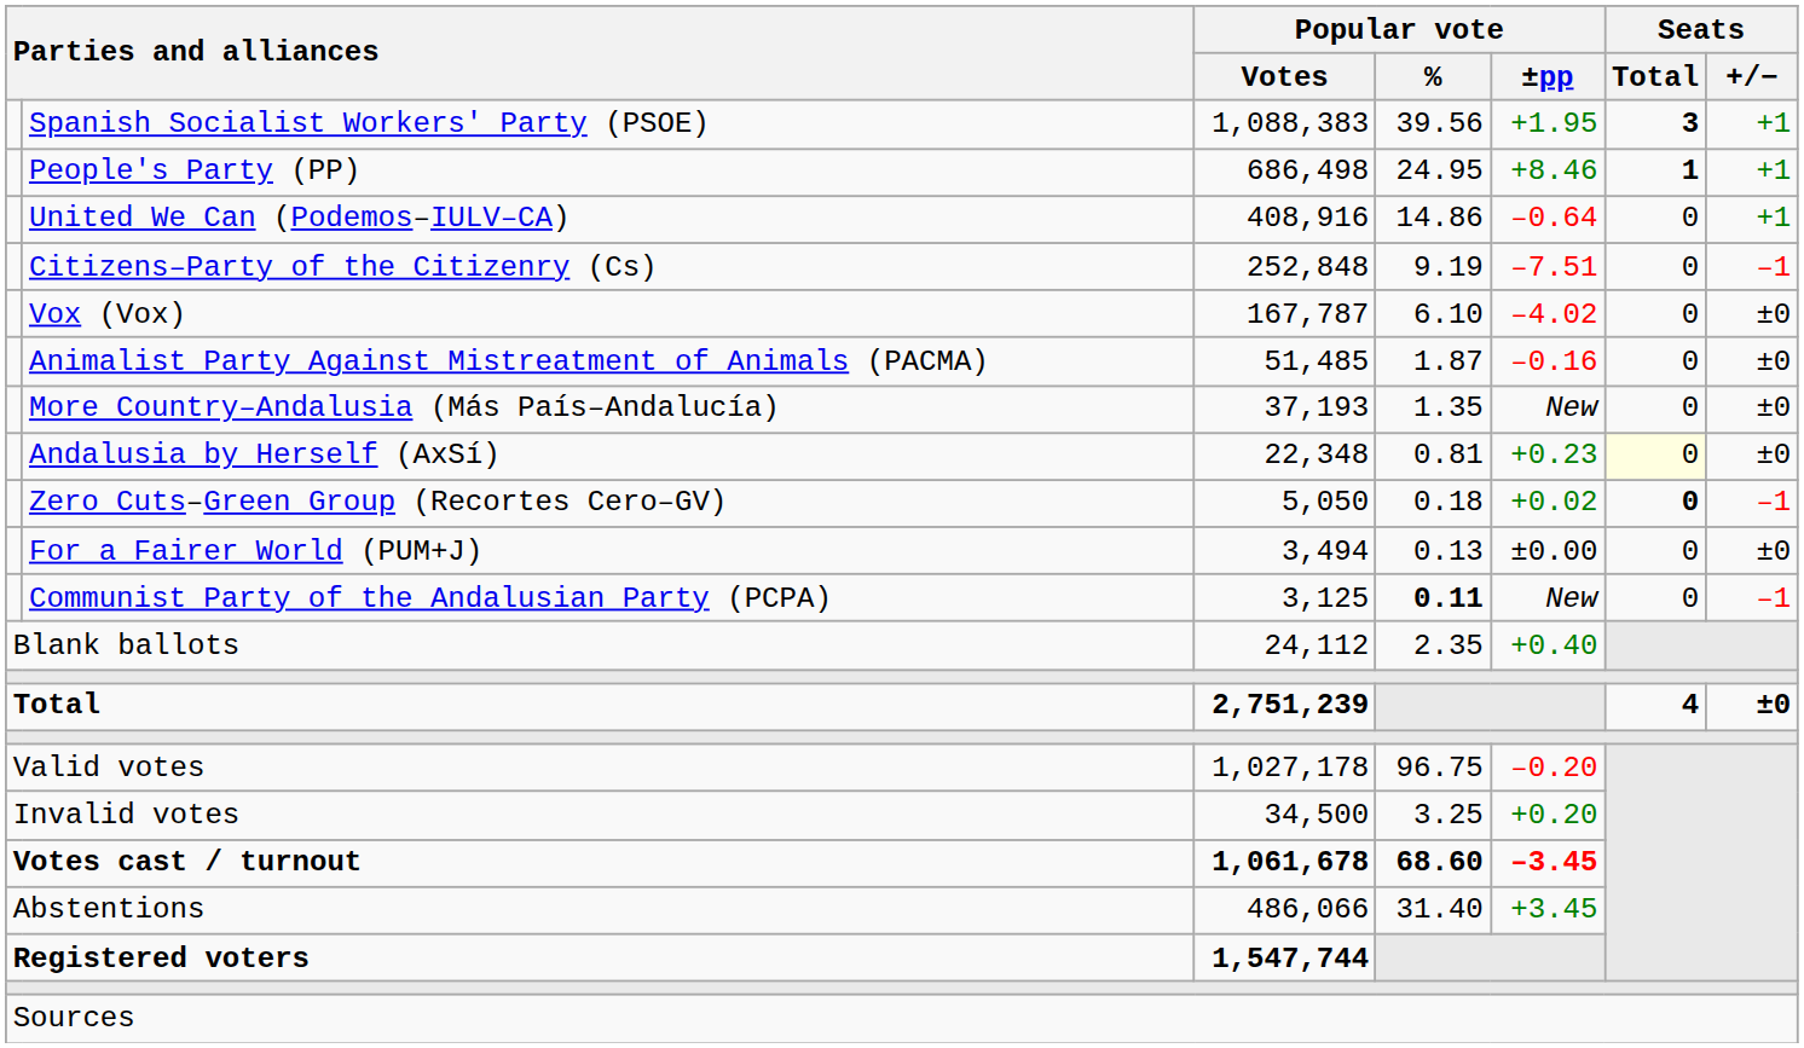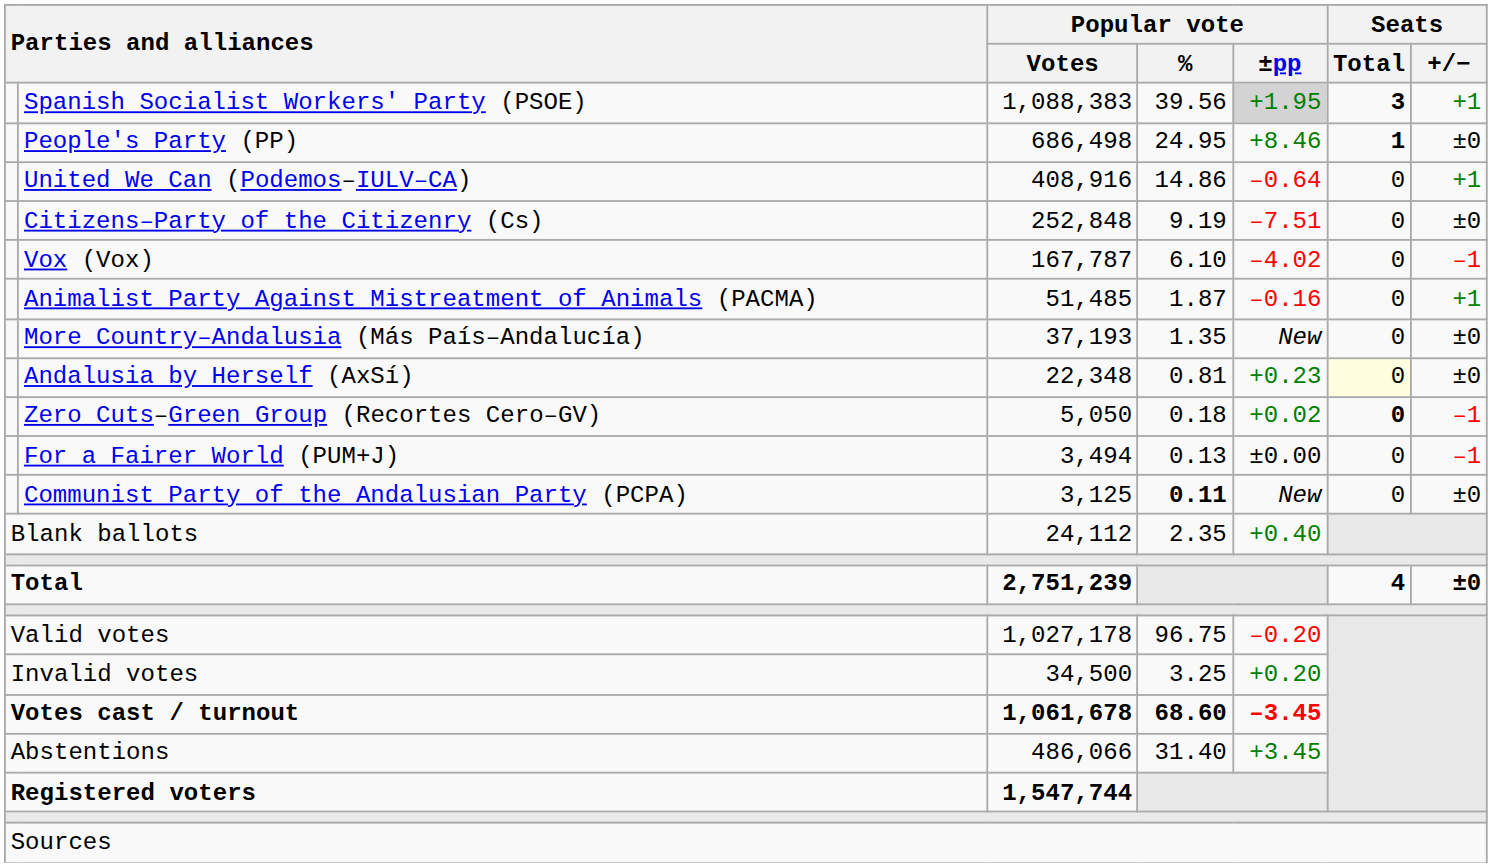 <table class="wikitable" style="text-align:right;">
 <tr>
 <th style="text-align:left;" rowspan="2" colspan="2" width="525">Parties and alliances</th>
 <th colspan="3">Popular vote</th>
 <th colspan="2">Seats</th>
 </tr>
 <tr>
 <th width="75">Votes</th>
 <th width="45">%</th>
 <th width="45">±<a href='#'>pp</a></th>
 <th width="35">Total</th>
 <th width="35">+/−</th>
 </tr>
 <tr>
 <td width="1" style="color:inherit;background:"></td>
 <td align="left"><a href='#'>Spanish Socialist Workers' Party</a> (PSOE)</td>
 <td>1,088,383</td>
 <td>39.56</td>
-<td style="color:green;">+1.95</td>
+<td style="background: lightgrey; color:green;">+1.95</td>
 <td><strong>3</strong></td>
 <td style="color:green;">+1</td>
 </tr>
 <tr>
 <td style="color:inherit;background:"></td>
 <td align="left"><a href='#'>People's Party</a> (PP)</td>
 <td>686,498</td>
 <td>24.95</td>
 <td style="color:green;">+8.46</td>
 <td><strong>1</strong></td>
-<td style="color:green;">+1</td>
+<td>±0</td>
 </tr>
 <tr>
 <td style="color:inherit;background:"></td>
 <td align="left"><a href='#'>United We Can</a> (<a href='#'>Podemos</a>–<a href='#'>IULV–CA</a>)</td>
 <td>408,916</td>
 <td>14.86</td>
 <td style="color:red;">–0.64</td>
 <td>0</td>
 <td style="color:green;">+1</td>
 </tr>
 <tr>
 <td style="color:inherit;background:"></td>
 <td align="left"><a href='#'>Citizens–Party of the Citizenry</a> (Cs)</td>
 <td>252,848</td>
 <td>9.19</td>
 <td style="color:red;">–7.51</td>
 <td>0</td>
-<td style="color:red;">–1</td>
+<td>±0</td>
 </tr>
 <tr>
 <td style="color:inherit;background:"></td>
 <td align="left"><a href='#'>Vox</a> (Vox)</td>
 <td>167,787</td>
 <td>6.10</td>
 <td style="color:red;">–4.02</td>
 <td>0</td>
-<td>±0</td>
+<td style="color:red;">–1</td>
 </tr>
 <tr>
 <td style="color:inherit;background:"></td>
 <td align="left"><a href='#'>Animalist Party Against Mistreatment of Animals</a> (PACMA)</td>
 <td>51,485</td>
 <td>1.87</td>
 <td style="color:red;">–0.16</td>
 <td>0</td>
-<td>±0</td>
+<td style="color:green;">+1</td>
 </tr>
 <tr>
 <td style="color:inherit;background:"></td>
 <td align="left"><a href='#'>More Country–Andalusia</a> (Más País–Andalucía)</td>
 <td>37,193</td>
 <td>1.35</td>
 <td><em>New</em></td>
 <td>0</td>
 <td>±0</td>
 </tr>
 <tr>
 <td style="color:inherit;background:"></td>
 <td align="left"><a href='#'>Andalusia by Herself</a> (AxSí)</td>
 <td>22,348</td>
 <td>0.81</td>
 <td style="color:green;">+0.23</td>
 <td style="background: lightyellow;">0</td>
 <td>±0</td>
 </tr>
 <tr>
 <td style="color:inherit;background:"></td>
 <td align="left"><a href='#'>Zero Cuts</a>–<a href='#'>Green Group</a> (Recortes Cero–GV)</td>
 <td>5,050</td>
 <td>0.18</td>
 <td style="color:green;">+0.02</td>
 <td><strong>0</strong></td>
 <td style="color:red;">–1</td>
 </tr>
 <tr>
 <td style="color:inherit;background:"></td>
 <td align="left"><a href='#'>For a Fairer World</a> (PUM+J)</td>
 <td>3,494</td>
 <td>0.13</td>
 <td>±0.00</td>
 <td>0</td>
-<td>±0</td>
+<td style="color:red;">–1</td>
 </tr>
 <tr>
 <td style="color:inherit;background:"></td>
 <td align="left"><a href='#'>Communist Party of the Andalusian Party</a> (PCPA)</td>
 <td>3,125</td>
 <td><strong>0.11</strong></td>
 <td><em>New</em></td>
 <td>0</td>
-<td style="color:red;">–1</td>
+<td>±0</td>
 </tr>
 <tr>
 <td align="left" colspan="2">Blank ballots</td>
 <td>24,112</td>
 <td>2.35</td>
 <td style="color:green;">+0.40</td>
 <td bgcolor="#E9E9E9" colspan="2"></td>
 </tr>
 <tr>
 <td colspan="7" bgcolor="#E9E9E9"></td>
 </tr>
 <tr style="font-weight:bold;">
 <td align="left" colspan="2">Total</td>
 <td>2,751,239</td>
 <td bgcolor="#E9E9E9" colspan="2"></td>
 <td>4</td>
 <td>±0</td>
 </tr>
 <tr>
 <td colspan="7" bgcolor="#E9E9E9"></td>
 </tr>
 <tr>
 <td align="left" colspan="2">Valid votes</td>
 <td>1,027,178</td>
 <td>96.75</td>
 <td style="color:red;">–0.20</td>
 <td bgcolor="#E9E9E9" colspan="2" rowspan="5"></td>
 </tr>
 <tr>
 <td align="left" colspan="2">Invalid votes</td>
 <td>34,500</td>
 <td>3.25</td>
 <td style="color:green;">+0.20</td>
 </tr>
 <tr style="font-weight:bold;">
 <td align="left" colspan="2">Votes cast / turnout</td>
 <td>1,061,678</td>
 <td>68.60</td>
 <td style="color:red;">–3.45</td>
 </tr>
 <tr>
 <td align="left" colspan="2">Abstentions</td>
 <td>486,066</td>
 <td>31.40</td>
 <td style="color:green;">+3.45</td>
 </tr>
 <tr style="font-weight:bold;">
 <td align="left" colspan="2">Registered voters</td>
 <td>1,547,744</td>
 <td bgcolor="#E9E9E9" colspan="2"></td>
 </tr>
 <tr>
 <td colspan="7" bgcolor="#E9E9E9"></td>
 </tr>
 <tr>
 <td align="left" colspan="7">Sources</td>
 </tr>
 </table>
